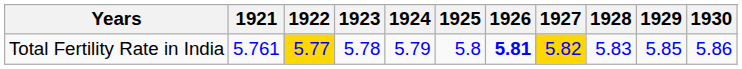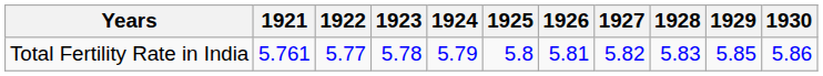 <table class="wikitable sortable" style="text-align:right">
 <tr>
 <th>Years</th>
 <th>1921</th>
 <th>1922</th>
 <th>1923</th>
 <th>1924</th>
 <th>1925</th>
 <th>1926</th>
 <th>1927</th>
 <th>1928</th>
 <th>1929</th>
 <th>1930</th>
 </tr>
 <tr>
 <td align="left">Total Fertility Rate in India</td>
 <td style="text-align:right; color:blue;">5.761</td>
-<td style="background: gold; text-align:right; color:blue;">5.77</td>
+<td style="text-align:right; color:blue;">5.77</td>
 <td style="text-align:right; color:blue;">5.78</td>
 <td style="text-align:right; color:blue;">5.79</td>
 <td style="text-align:right; color:blue;">5.8</td>
-<td style="text-align:right; color:blue;"><strong>5.81</strong></td>
-<td style="background: gold; text-align:right; color:blue;">5.82</td>
+<td style="text-align:right; color:blue;">5.81</td>
+<td style="text-align:right; color:blue;">5.82</td>
 <td style="text-align:right; color:blue;">5.83</td>
 <td style="text-align:right; color:blue;">5.85</td>
 <td style="text-align:right; color:blue;">5.86</td>
 </tr>
 </table>
